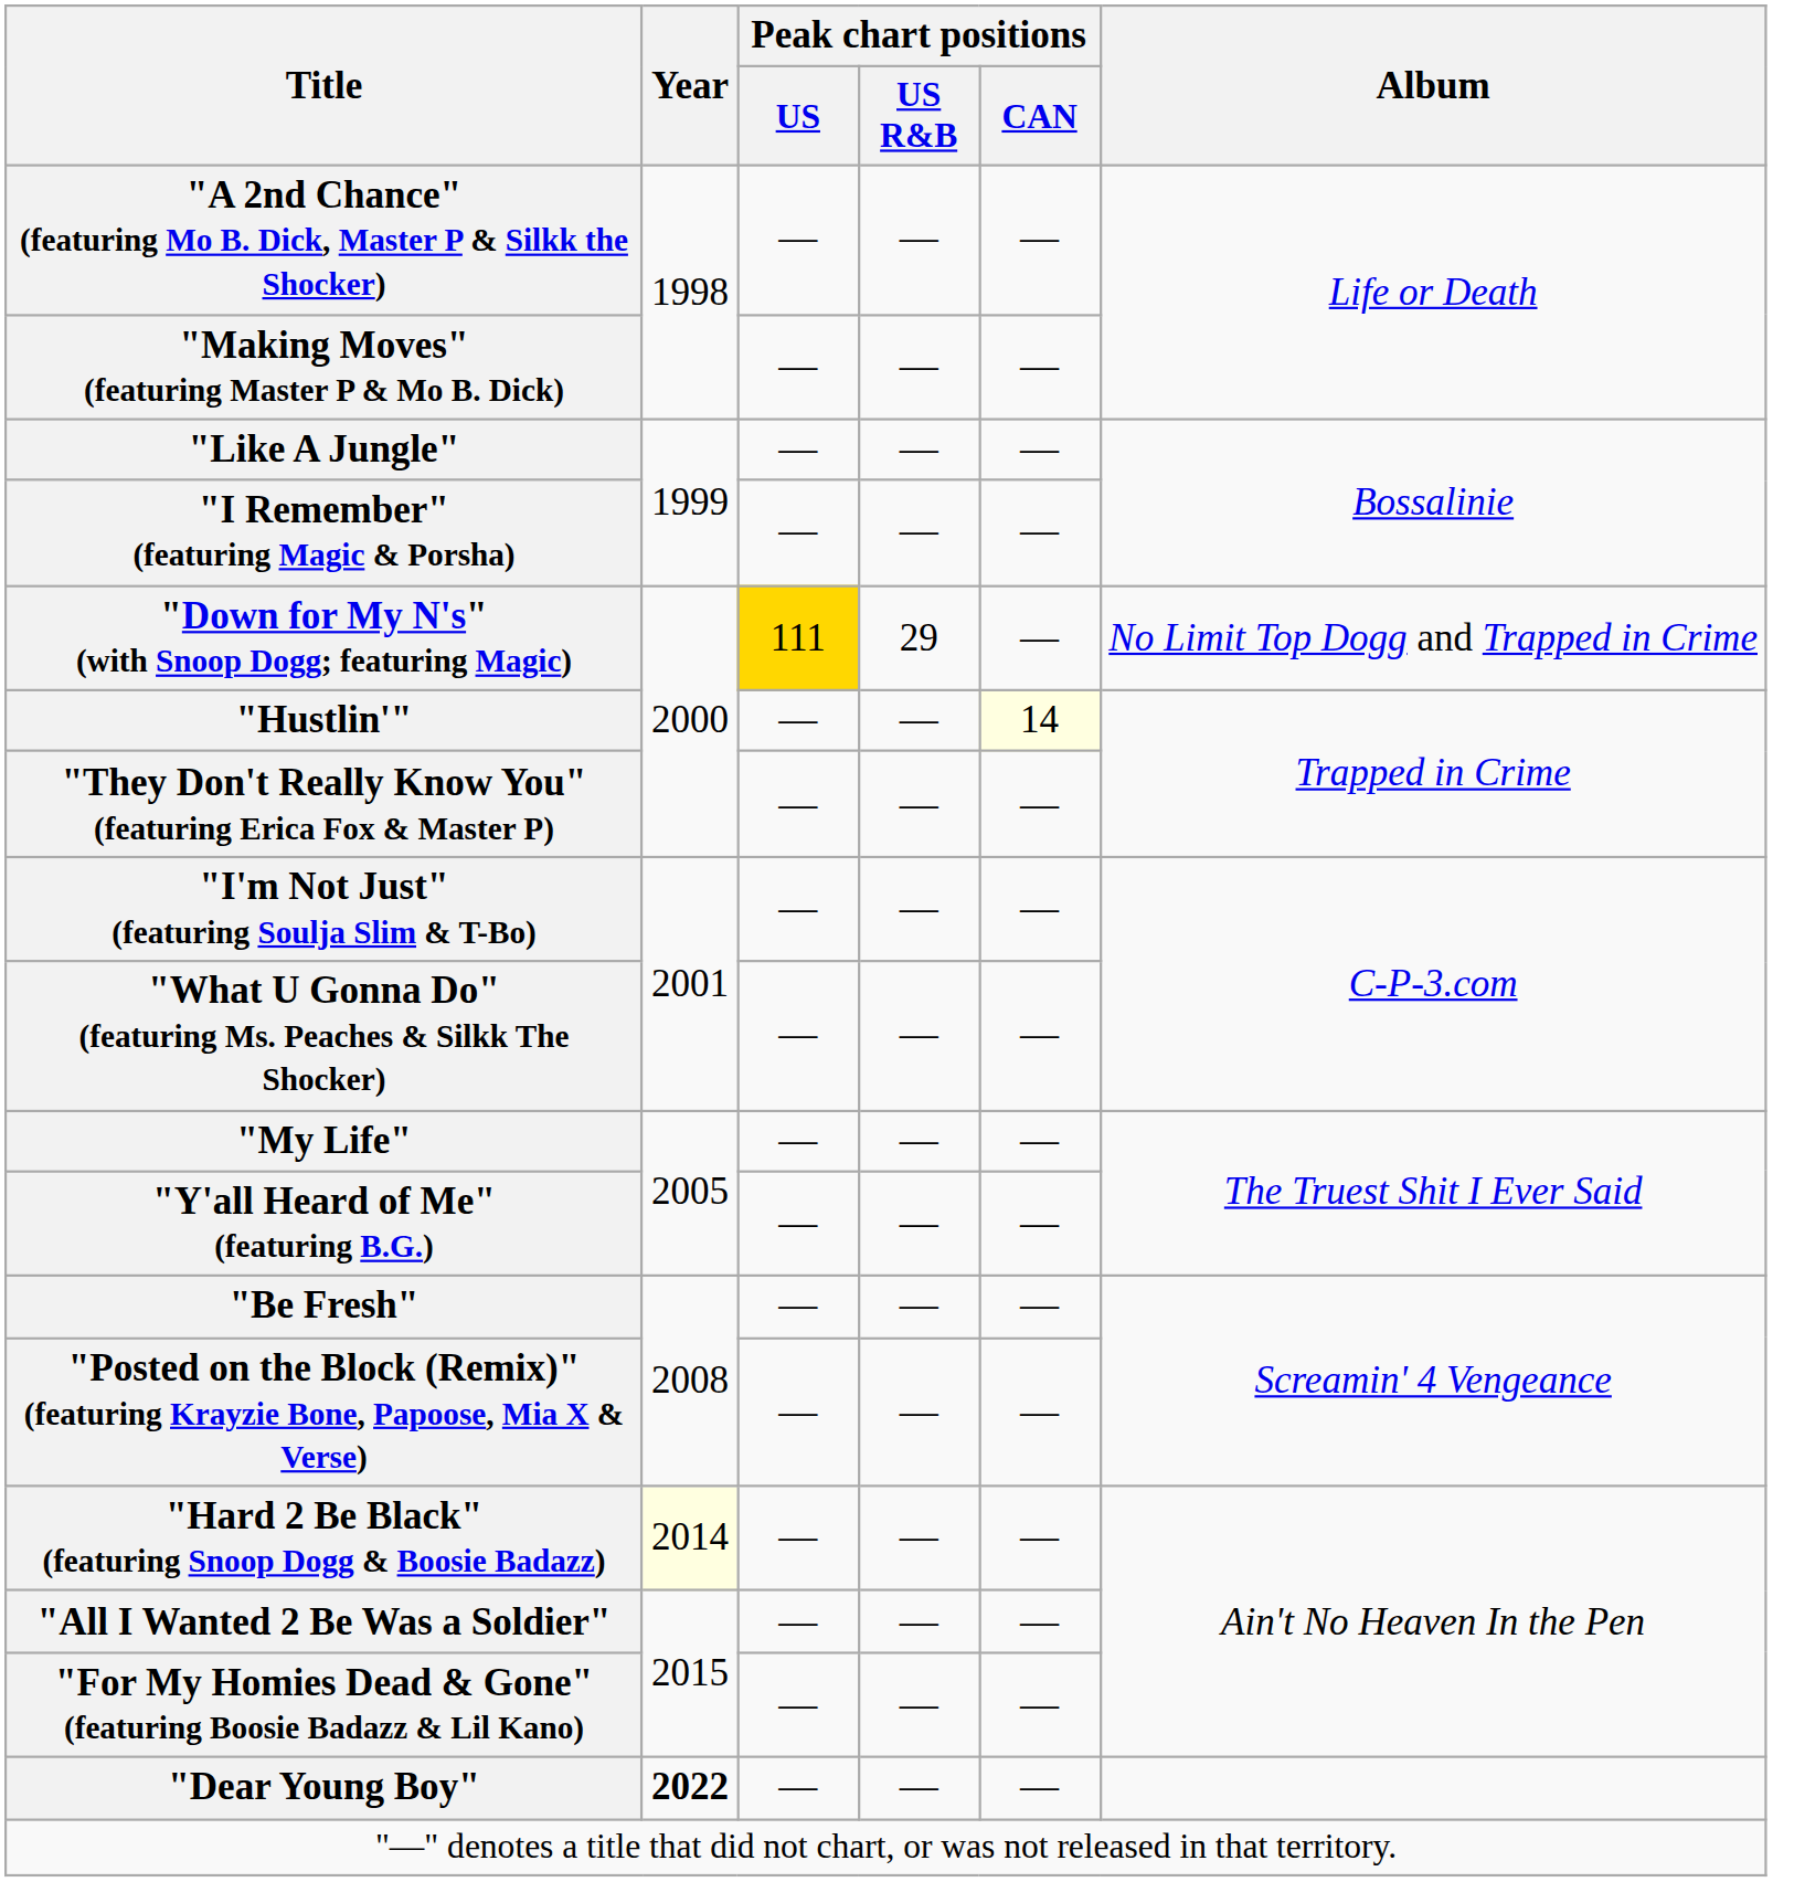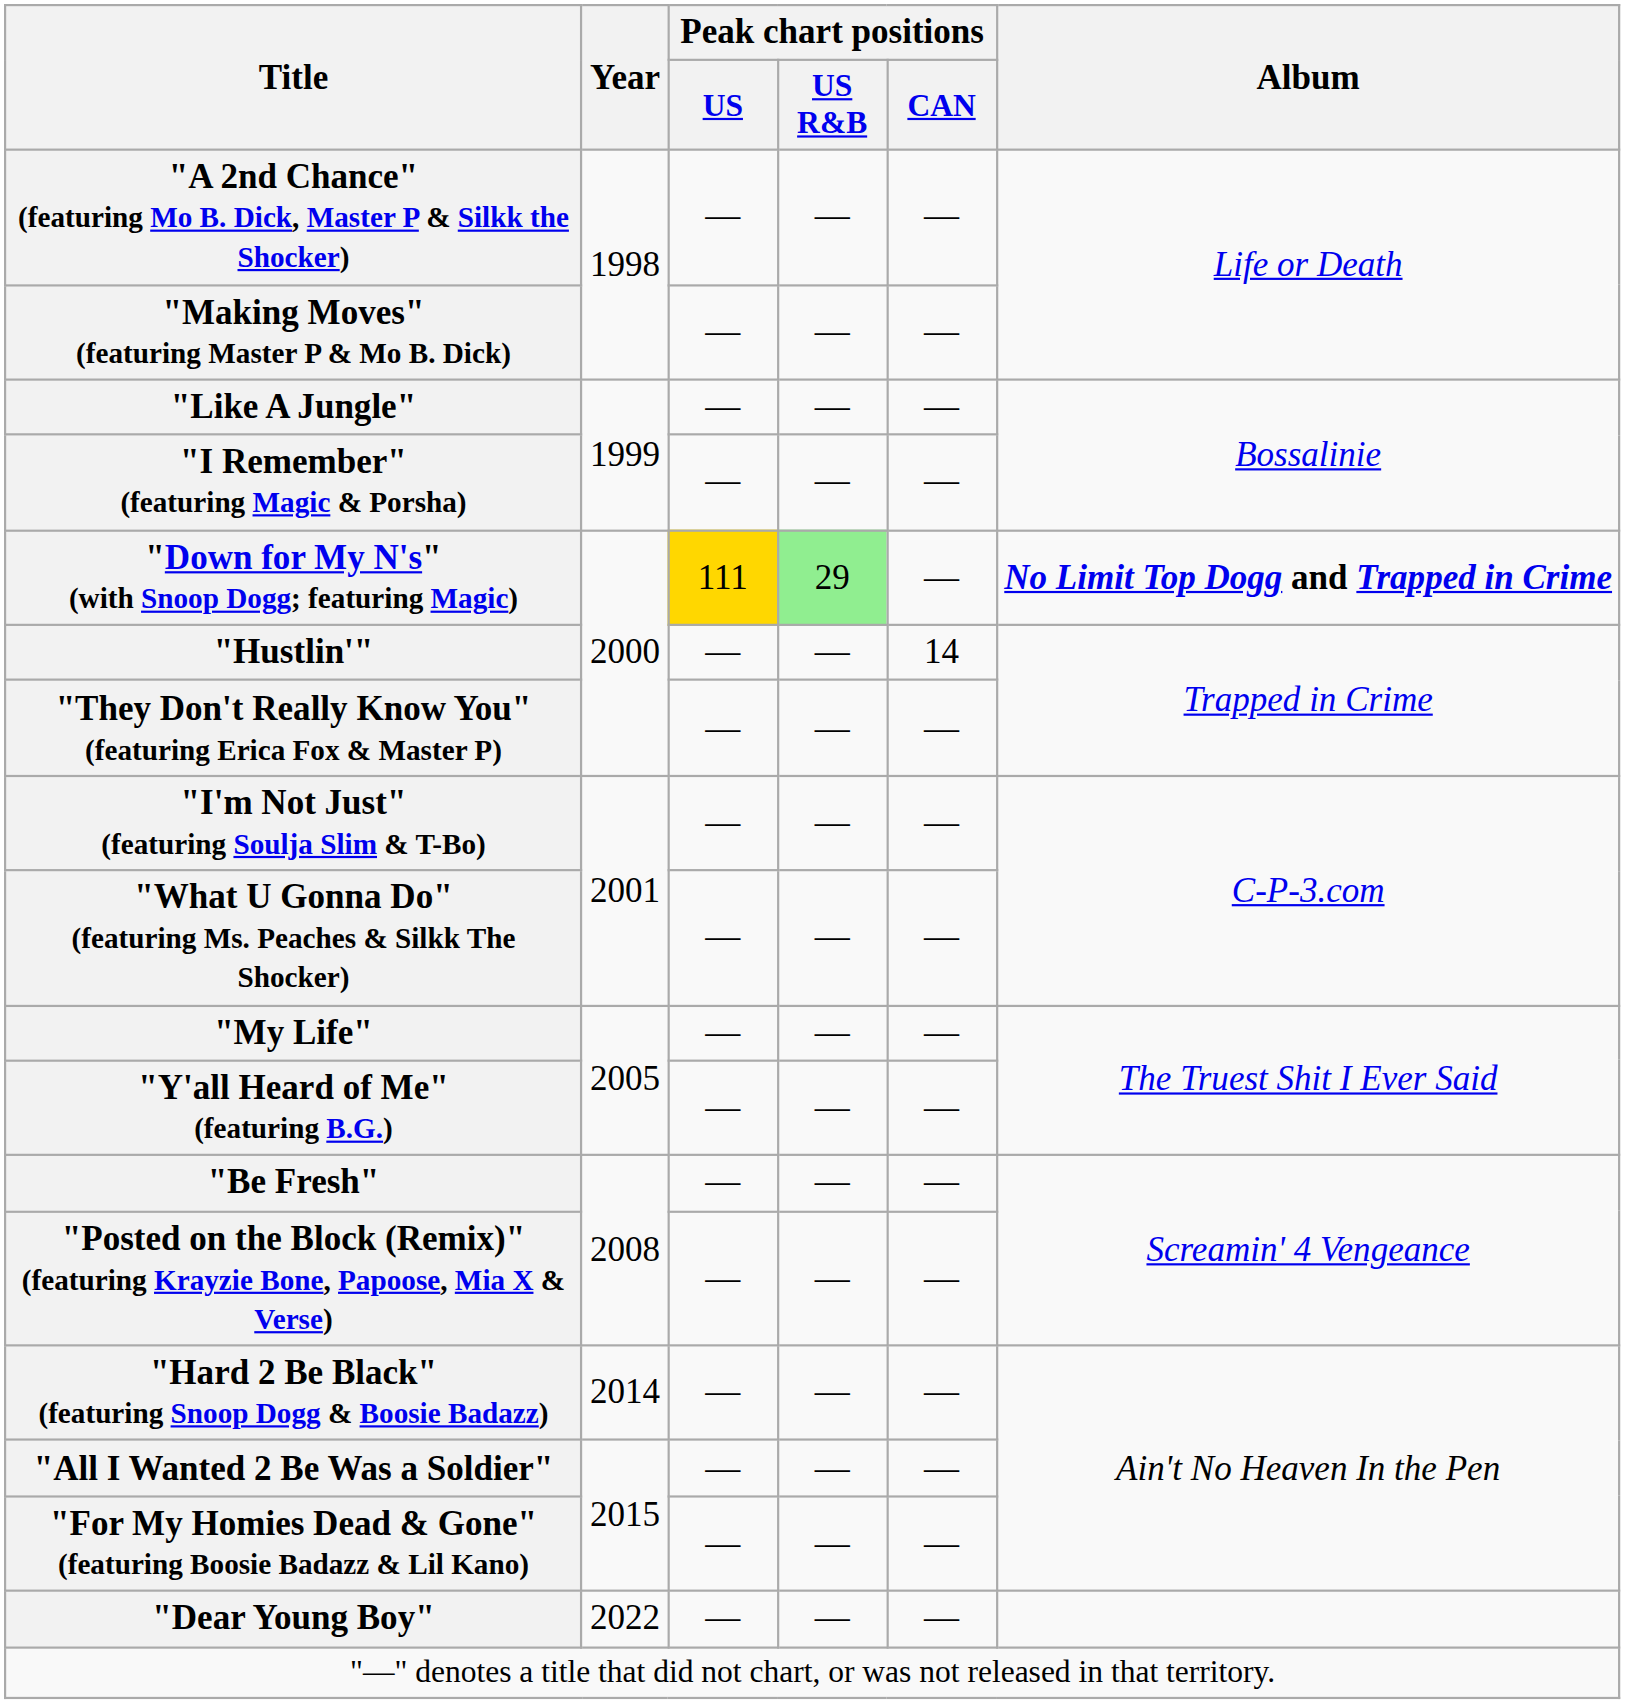 <table class="wikitable plainrowheaders" style="text-align:center;" border="1">
 <tr>
 <th scope="col" rowspan="2" style="width:16em;">Title</th>
 <th scope="col" rowspan="2">Year</th>
 <th scope="col" colspan="3">Peak chart positions</th>
 <th scope="col" rowspan="2">Album</th>
 </tr>
 <tr>
 <th style="width:3em;font-size:90%;"><a href='#'>US</a></th>
 <th style="width:3em;font-size:90%;"><a href='#'>US<br>R&B</a></th>
 <th style="width:3em;font-size:90%;"><a href='#'>CAN</a></th>
 </tr>
 <tr>
 <th scope="row">"A 2nd Chance"<br><small>(featuring <a href='#'>Mo B. Dick</a>, <a href='#'>Master P</a> & <a href='#'>Silkk the Shocker</a>)</small></th>
 <td rowspan="2">1998</td>
 <td>—</td>
 <td>—</td>
 <td>—</td>
 <td rowspan="2"><em><a href='#'>Life or Death</a></em></td>
 </tr>
 <tr>
 <th scope="row">"Making Moves"<br><small>(featuring Master P & Mo B. Dick)</small></th>
 <td>—</td>
 <td>—</td>
 <td>—</td>
 </tr>
 <tr>
 <th scope="row">"Like A Jungle"</th>
 <td rowspan="2">1999</td>
 <td>—</td>
 <td>—</td>
 <td>—</td>
 <td rowspan="2"><em><a href='#'>Bossalinie</a></em></td>
 </tr>
 <tr>
 <th scope="row">"I Remember"<br><small>(featuring <a href='#'>Magic</a> & Porsha)</small></th>
 <td>—</td>
 <td>—</td>
 <td>—</td>
 </tr>
 <tr>
 <th scope="row">"<a href='#'>Down for My N's</a>"<br><small>(with <a href='#'>Snoop Dogg</a>; featuring <a href='#'>Magic</a>)</small></th>
 <td rowspan="3">2000</td>
 <td style="background: gold;">111</td>
-<td>29</td>
+<td style="background: lightgreen;">29</td>
 <td>—</td>
-<td><em><a href='#'>No Limit Top Dogg</a></em> and <em><a href='#'>Trapped in Crime</a></em></td>
+<td><strong><em><a href='#'>No Limit Top Dogg</a></em> and <em><a href='#'>Trapped in Crime</a></em></strong></td>
 </tr>
 <tr>
 <th scope="row">"Hustlin'"</th>
 <td>—</td>
 <td>—</td>
-<td style="background: lightyellow;">14</td>
+<td>14</td>
 <td rowspan="2"><em><a href='#'>Trapped in Crime</a></em></td>
 </tr>
 <tr>
 <th scope="row">"They Don't Really Know You"<br><small>(featuring Erica Fox & Master P)</small></th>
 <td>—</td>
 <td>—</td>
 <td>—</td>
 </tr>
 <tr>
 <th scope="row">"I'm Not Just"<br><small>(featuring <a href='#'>Soulja Slim</a> & T-Bo)</small></th>
 <td rowspan="2">2001</td>
 <td>—</td>
 <td>—</td>
 <td>—</td>
 <td rowspan="2"><em><a href='#'>C-P-3.com</a></em></td>
 </tr>
 <tr>
 <th scope="row">"What U Gonna Do"<br><small>(featuring Ms. Peaches & Silkk The Shocker)</small></th>
 <td>—</td>
 <td>—</td>
 <td>—</td>
 </tr>
 <tr>
 <th scope="row">"My Life"</th>
 <td rowspan="2">2005</td>
 <td>—</td>
 <td>—</td>
 <td>—</td>
 <td rowspan="2"><em><a href='#'>The Truest Shit I Ever Said</a></em></td>
 </tr>
 <tr>
 <th scope="row">"Y'all Heard of Me"<br><small>(featuring <a href='#'>B.G.</a>)</small></th>
 <td>—</td>
 <td>—</td>
 <td>—</td>
 </tr>
 <tr>
 <th scope="row">"Be Fresh"</th>
 <td rowspan="2">2008</td>
 <td>—</td>
 <td>—</td>
 <td>—</td>
 <td rowspan="2"><em><a href='#'>Screamin' 4 Vengeance</a></em></td>
 </tr>
 <tr>
 <th scope="row">"Posted on the Block <strong>(Remix)</strong>"<br><small>(featuring <a href='#'>Krayzie Bone</a>, <a href='#'>Papoose</a>, <a href='#'>Mia X</a> & <a href='#'>Verse</a>)</small></th>
 <td>—</td>
 <td>—</td>
 <td>—</td>
 </tr>
 <tr>
 <th scope="row">"Hard 2 Be Black"<br><small>(featuring <a href='#'>Snoop Dogg</a> & <a href='#'>Boosie Badazz</a>)</small></th>
-<td style="background: lightyellow;">2014</td>
+<td>2014</td>
 <td>—</td>
 <td>—</td>
 <td>—</td>
 <td rowspan="3"><em>Ain't No Heaven In the Pen</em></td>
 </tr>
 <tr>
 <th scope="row">"All I Wanted 2 Be Was a Soldier"</th>
 <td rowspan="2">2015</td>
 <td>—</td>
 <td>—</td>
 <td>—</td>
 </tr>
 <tr>
 <th scope="row">"For My Homies Dead & Gone"<br><small>(featuring Boosie Badazz & Lil Kano)</small></th>
 <td>—</td>
 <td>—</td>
 <td>—</td>
 </tr>
 <tr>
 <th scope="row">"Dear Young Boy"</th>
-<td><strong>2022</strong></td>
+<td>2022</td>
 <td>—</td>
 <td>—</td>
 <td>—</td>
 <td></td>
 </tr>
 <tr>
 <td colspan="6" style="font-size:90%">"—" denotes a title that did not chart, or was not released in that territory.</td>
 </tr>
 </table>
